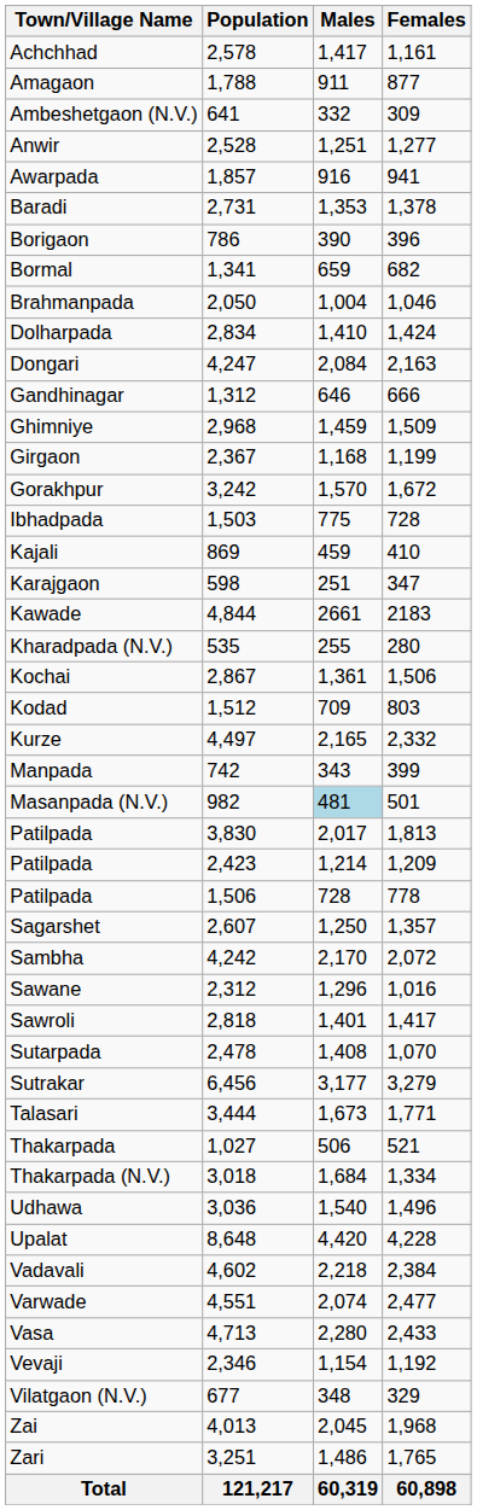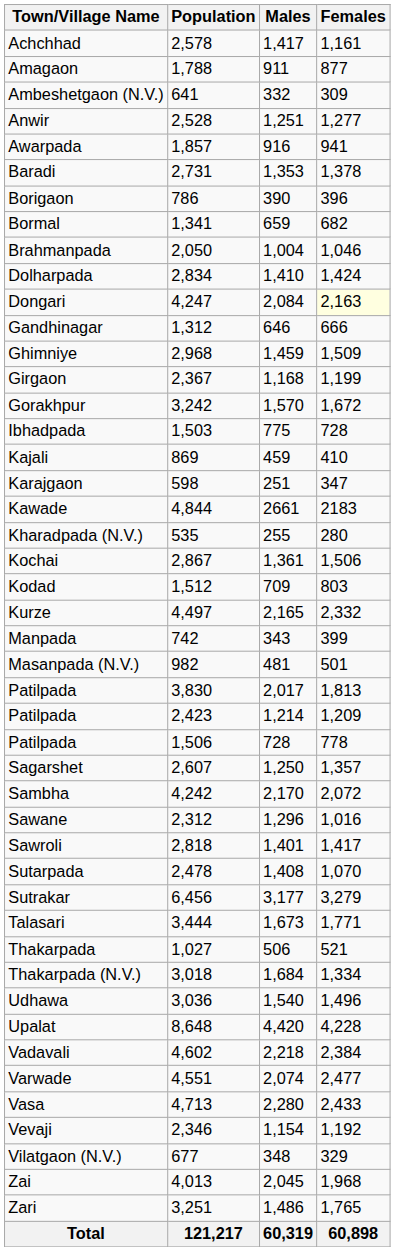 <table class="wikitable sortable collapsible collapsed">
 <tr>
 <th>Town/Village Name</th>
 <th>Population</th>
 <th>Males</th>
 <th>Females</th>
 </tr>
 <tr>
 <td>Achchhad</td>
 <td>2,578</td>
 <td>1,417</td>
 <td>1,161</td>
 </tr>
 <tr>
 <td>Amagaon</td>
 <td>1,788</td>
 <td>911</td>
 <td>877</td>
 </tr>
 <tr>
 <td>Ambeshetgaon (N.V.)</td>
 <td>641</td>
 <td>332</td>
 <td>309</td>
 </tr>
 <tr>
 <td>Anwir</td>
 <td>2,528</td>
 <td>1,251</td>
 <td>1,277</td>
 </tr>
 <tr>
 <td>Awarpada</td>
 <td>1,857</td>
 <td>916</td>
 <td>941</td>
 </tr>
 <tr>
 <td>Baradi</td>
 <td>2,731</td>
 <td>1,353</td>
 <td>1,378</td>
 </tr>
 <tr>
 <td>Borigaon</td>
 <td>786</td>
 <td>390</td>
 <td>396</td>
 </tr>
 <tr>
 <td>Bormal</td>
 <td>1,341</td>
 <td>659</td>
 <td>682</td>
 </tr>
 <tr>
 <td>Brahmanpada</td>
 <td>2,050</td>
 <td>1,004</td>
 <td>1,046</td>
 </tr>
 <tr>
 <td>Dolharpada</td>
 <td>2,834</td>
 <td>1,410</td>
 <td>1,424</td>
 </tr>
 <tr>
 <td>Dongari</td>
 <td>4,247</td>
 <td>2,084</td>
-<td>2,163</td>
+<td style="background: lightyellow;">2,163</td>
 </tr>
 <tr>
 <td>Gandhinagar</td>
 <td>1,312</td>
 <td>646</td>
 <td>666</td>
 </tr>
 <tr>
 <td>Ghimniye</td>
 <td>2,968</td>
 <td>1,459</td>
 <td>1,509</td>
 </tr>
 <tr>
 <td>Girgaon</td>
 <td>2,367</td>
 <td>1,168</td>
 <td>1,199</td>
 </tr>
 <tr>
 <td>Gorakhpur</td>
 <td>3,242</td>
 <td>1,570</td>
 <td>1,672</td>
 </tr>
 <tr>
 <td>Ibhadpada</td>
 <td>1,503</td>
 <td>775</td>
 <td>728</td>
 </tr>
 <tr>
 <td>Kajali</td>
 <td>869</td>
 <td>459</td>
 <td>410</td>
 </tr>
 <tr>
 <td>Karajgaon</td>
 <td>598</td>
 <td>251</td>
 <td>347</td>
 </tr>
 <tr>
 <td>Kawade</td>
 <td>4,844</td>
 <td>2661</td>
 <td>2183</td>
 </tr>
 <tr>
 <td>Kharadpada (N.V.)</td>
 <td>535</td>
 <td>255</td>
 <td>280</td>
 </tr>
 <tr>
 <td>Kochai</td>
 <td>2,867</td>
 <td>1,361</td>
 <td>1,506</td>
 </tr>
 <tr>
 <td>Kodad</td>
 <td>1,512</td>
 <td>709</td>
 <td>803</td>
 </tr>
 <tr>
 <td>Kurze</td>
 <td>4,497</td>
 <td>2,165</td>
 <td>2,332</td>
 </tr>
 <tr>
 <td>Manpada</td>
 <td>742</td>
 <td>343</td>
 <td>399</td>
 </tr>
 <tr>
 <td>Masanpada (N.V.)</td>
 <td>982</td>
-<td style="background: lightblue;">481</td>
+<td>481</td>
 <td>501</td>
 </tr>
 <tr>
 <td>Patilpada</td>
 <td>3,830</td>
 <td>2,017</td>
 <td>1,813</td>
 </tr>
 <tr>
 <td>Patilpada</td>
 <td>2,423</td>
 <td>1,214</td>
 <td>1,209</td>
 </tr>
 <tr>
 <td>Patilpada</td>
 <td>1,506</td>
 <td>728</td>
 <td>778</td>
 </tr>
 <tr>
 <td>Sagarshet</td>
 <td>2,607</td>
 <td>1,250</td>
 <td>1,357</td>
 </tr>
 <tr>
 <td>Sambha</td>
 <td>4,242</td>
 <td>2,170</td>
 <td>2,072</td>
 </tr>
 <tr>
 <td>Sawane</td>
 <td>2,312</td>
 <td>1,296</td>
 <td>1,016</td>
 </tr>
 <tr>
 <td>Sawroli</td>
 <td>2,818</td>
 <td>1,401</td>
 <td>1,417</td>
 </tr>
 <tr>
 <td>Sutarpada</td>
 <td>2,478</td>
 <td>1,408</td>
 <td>1,070</td>
 </tr>
 <tr>
 <td>Sutrakar</td>
 <td>6,456</td>
 <td>3,177</td>
 <td>3,279</td>
 </tr>
 <tr>
 <td>Talasari</td>
 <td>3,444</td>
 <td>1,673</td>
 <td>1,771</td>
 </tr>
 <tr>
 <td>Thakarpada</td>
 <td>1,027</td>
 <td>506</td>
 <td>521</td>
 </tr>
 <tr>
 <td>Thakarpada (N.V.)</td>
 <td>3,018</td>
 <td>1,684</td>
 <td>1,334</td>
 </tr>
 <tr>
 <td>Udhawa</td>
 <td>3,036</td>
 <td>1,540</td>
 <td>1,496</td>
 </tr>
 <tr>
 <td>Upalat</td>
 <td>8,648</td>
 <td>4,420</td>
 <td>4,228</td>
 </tr>
 <tr>
 <td>Vadavali</td>
 <td>4,602</td>
 <td>2,218</td>
 <td>2,384</td>
 </tr>
 <tr>
 <td>Varwade</td>
 <td>4,551</td>
 <td>2,074</td>
 <td>2,477</td>
 </tr>
 <tr>
 <td>Vasa</td>
 <td>4,713</td>
 <td>2,280</td>
 <td>2,433</td>
 </tr>
 <tr>
 <td>Vevaji</td>
 <td>2,346</td>
 <td>1,154</td>
 <td>1,192</td>
 </tr>
 <tr>
 <td>Vilatgaon (N.V.)</td>
 <td>677</td>
 <td>348</td>
 <td>329</td>
 </tr>
 <tr>
 <td>Zai</td>
 <td>4,013</td>
 <td>2,045</td>
 <td>1,968</td>
 </tr>
 <tr>
 <td>Zari</td>
 <td>3,251</td>
 <td>1,486</td>
 <td>1,765</td>
 </tr>
 <tr>
 <th>Total</th>
 <th>121,217</th>
 <th>60,319</th>
 <th>60,898</th>
 </tr>
 </table>
